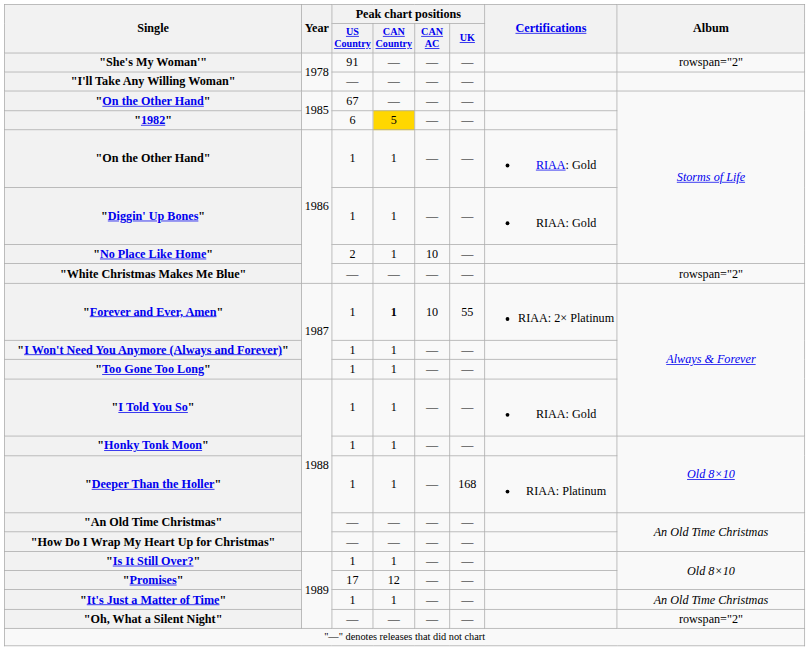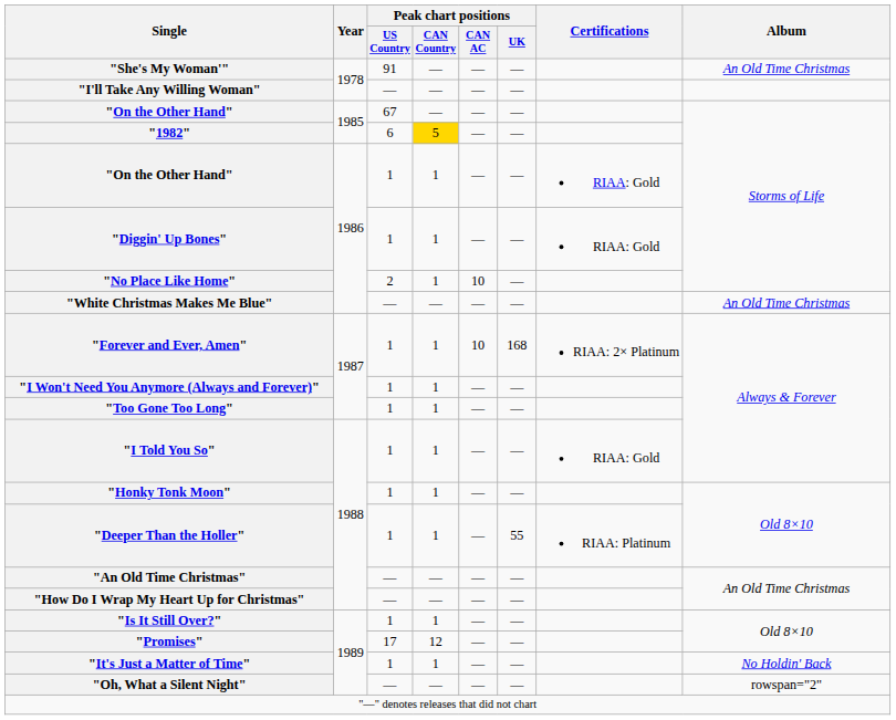 <table class="wikitable plainrowheaders" style="text-align:center;">
 <tr>
 <th rowspan="2" style="width:24em;">Single</th>
 <th rowspan="2">Year</th>
 <th colspan="4">Peak chart positions</th>
 <th rowspan="2"><a href='#'>Certifications</a></th>
 <th rowspan="2" style="width:15em;">Album</th>
 </tr>
 <tr style="font-size:smaller;">
 <th width="40"><a href='#'>US Country</a><br></th>
 <th width="40"><a href='#'>CAN Country</a><br></th>
 <th width="40"><a href='#'>CAN AC</a><br></th>
 <th width="40"><a href='#'>UK</a><br></th>
 </tr>
 <tr>
 <th scope="row">"She's My Woman'" <br></th>
 <td rowspan="2">1978</td>
 <td>91</td>
 <td>—</td>
 <td>—</td>
 <td>—</td>
 <td></td>
-<td>rowspan="2" </td>
+<td><em><a href='#'>An Old Time Christmas</a></em></td>
 </tr>
 <tr>
 <th scope="row">"I'll Take Any Willing Woman"<br></th>
 <td>—</td>
 <td>—</td>
 <td>—</td>
 <td>—</td>
 <td></td>
 </tr>
 <tr>
 <th scope="row">"<a href='#'>On the Other Hand</a>"</th>
 <td rowspan="2">1985</td>
 <td>67</td>
 <td>—</td>
 <td>—</td>
 <td>—</td>
 <td></td>
 <td rowspan="5"><em><a href='#'>Storms of Life</a></em></td>
 </tr>
 <tr>
 <th scope="row">"<a href='#'>1982</a>"</th>
 <td>6</td>
 <td style="background: gold;">5</td>
 <td>—</td>
 <td>—</td>
 <td></td>
 </tr>
 <tr>
 <th scope="row">"On the Other Hand" </th>
 <td rowspan="4">1986</td>
 <td>1</td>
 <td>1</td>
 <td>—</td>
 <td>—</td>
 <td><br><ul><li><a href='#'>RIAA</a>: Gold</li></ul></td>
 </tr>
 <tr>
 <th scope="row">"<a href='#'>Diggin' Up Bones</a>"</th>
 <td>1</td>
 <td>1</td>
 <td>—</td>
 <td>—</td>
 <td><br><ul><li>RIAA: Gold</li></ul></td>
 </tr>
 <tr>
 <th scope="row">"<a href='#'>No Place Like Home</a>"</th>
 <td>2</td>
 <td>1</td>
 <td>10</td>
 <td>—</td>
 <td></td>
 </tr>
 <tr>
 <th scope="row">"White Christmas Makes Me Blue"</th>
 <td>—</td>
 <td>—</td>
 <td>—</td>
 <td>—</td>
 <td></td>
-<td>rowspan="2" </td>
+<td><em><a href='#'>An Old Time Christmas</a></em></td>
 </tr>
 <tr>
 <th scope="row">"<a href='#'>Forever and Ever, Amen</a>"</th>
 <td rowspan="3">1987</td>
 <td>1</td>
-<td><strong>1</strong></td>
+<td>1</td>
 <td>10</td>
-<td>55</td>
+<td>168</td>
 <td><br><ul><li>RIAA: 2× Platinum</li></ul></td>
 <td rowspan="4"><em><a href='#'>Always & Forever</a></em></td>
 </tr>
 <tr>
 <th scope="row">"<a href='#'>I Won't Need You Anymore (Always and Forever)</a>"</th>
 <td>1</td>
 <td>1</td>
 <td>—</td>
 <td>—</td>
 <td></td>
 </tr>
 <tr>
 <th scope="row">"<a href='#'>Too Gone Too Long</a>"</th>
 <td>1</td>
 <td>1</td>
 <td>—</td>
 <td>—</td>
 <td></td>
 </tr>
 <tr>
 <th scope="row">"<a href='#'>I Told You So</a>"</th>
 <td rowspan="5">1988</td>
 <td>1</td>
 <td>1</td>
 <td>—</td>
 <td>—</td>
 <td><br><ul><li>RIAA: Gold</li></ul></td>
 </tr>
 <tr>
 <th scope="row">"<a href='#'>Honky Tonk Moon</a>"</th>
 <td>1</td>
 <td>1</td>
 <td>—</td>
 <td>—</td>
 <td></td>
 <td rowspan="2"><em><a href='#'>Old 8×10</a></em></td>
 </tr>
 <tr>
 <th scope="row">"<a href='#'>Deeper Than the Holler</a>"</th>
 <td>1</td>
 <td>1</td>
 <td>—</td>
-<td>168</td>
+<td>55</td>
 <td><br><ul><li>RIAA: Platinum</li></ul></td>
 </tr>
 <tr>
 <th scope="row">"An Old Time Christmas"</th>
 <td>—</td>
 <td>—</td>
 <td>—</td>
 <td>—</td>
 <td></td>
 <td rowspan="2"><em>An Old Time Christmas</em></td>
 </tr>
 <tr>
 <th scope="row">"How Do I Wrap My Heart Up for Christmas"</th>
 <td>—</td>
 <td>—</td>
 <td>—</td>
 <td>—</td>
 <td></td>
 </tr>
 <tr>
 <th scope="row">"<a href='#'>Is It Still Over?</a>"</th>
 <td rowspan="4">1989</td>
 <td>1</td>
 <td>1</td>
 <td>—</td>
 <td>—</td>
 <td></td>
 <td rowspan="2"><em>Old 8×10</em></td>
 </tr>
 <tr>
 <th scope="row">"<a href='#'>Promises</a>"</th>
 <td>17</td>
 <td>12</td>
 <td>—</td>
 <td>—</td>
 <td></td>
 </tr>
 <tr>
 <th scope="row">"<a href='#'>It's Just a Matter of Time</a>"</th>
 <td>1</td>
 <td>1</td>
 <td>—</td>
 <td>—</td>
 <td></td>
-<td><em>An Old Time Christmas</em></td>
+<td><em><a href='#'>No Holdin' Back</a></em></td>
 </tr>
 <tr>
 <th scope="row">"Oh, What a Silent Night"</th>
 <td>—</td>
 <td>—</td>
 <td>—</td>
 <td>—</td>
 <td></td>
 <td>rowspan="2" </td>
 </tr>
 <tr>
 <td colspan="10" style="font-size:85%">"—" denotes releases that did not chart</td>
 </tr>
 </table>
